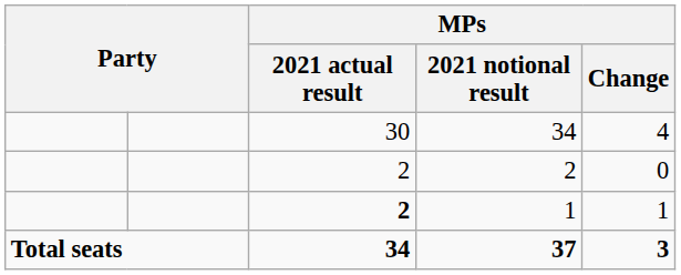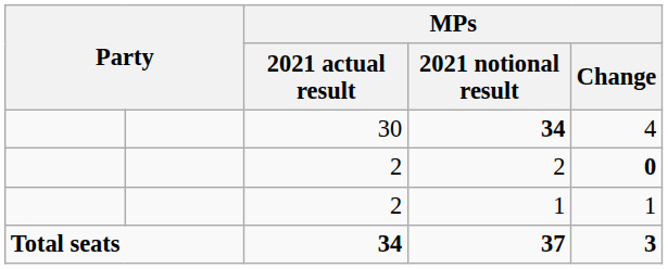 <table class="wikitable" style="text-align:right;">
 <tr>
 <th colspan="2" rowspan="2" class=unsortable style="text-align: center; vertical-align: middle; width: 150px;">Party</th>
 <th colspan="3" style="vertical-align: top;">MPs</th>
 </tr>
 <tr>
 <th data-sort-type=number style="width: 100px;">2021 actual result</th>
 <th data-sort-type=number style="width: 100px;">2021 notional result</th>
 <th data-sort-type=number style="width: 50px;">Change</th>
 </tr>
 <tr>
 <td style="background:"></td>
 <td style="text-align:left"></td>
 <td>30</td>
-<td>34</td>
+<td><strong>34</strong></td>
 <td> 4</td>
 </tr>
 <tr>
 <td style="background:"></td>
 <td style="text-align:left"></td>
 <td>2</td>
 <td>2</td>
-<td> 0</td>
+<td><strong> 0</strong></td>
 </tr>
 <tr>
 <td style="background:"></td>
 <td style="text-align:left"></td>
-<td><strong>2</strong></td>
+<td>2</td>
 <td>1</td>
 <td> 1</td>
 </tr>
 <tr>
 <td style="text-align: left;" colspan="2"><strong>Total seats</strong></td>
 <td><strong>34</strong></td>
 <td><strong>37</strong></td>
 <td><strong>3</strong> </td>
 </tr>
 </table>
